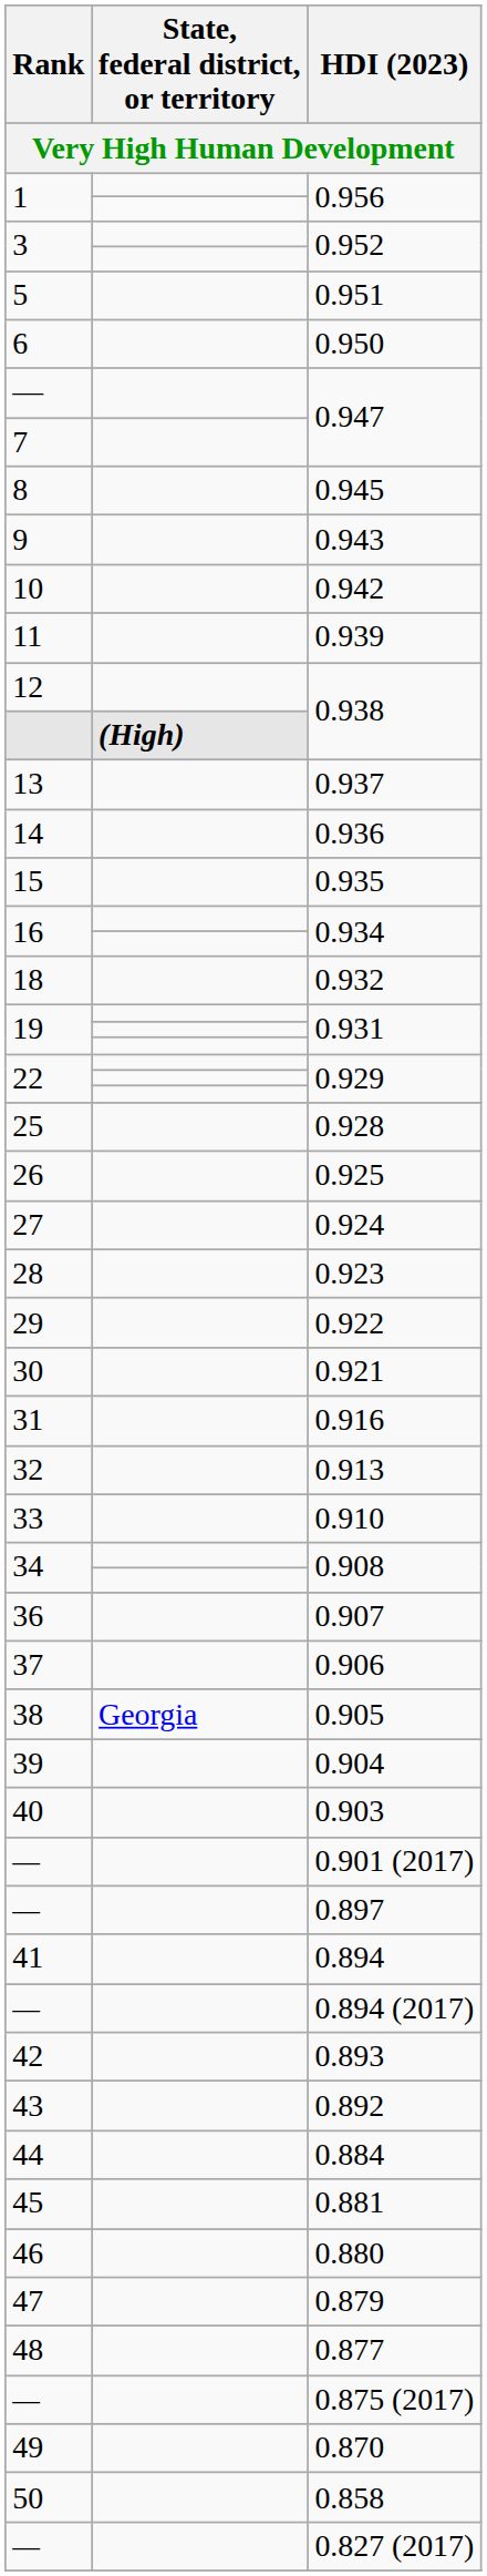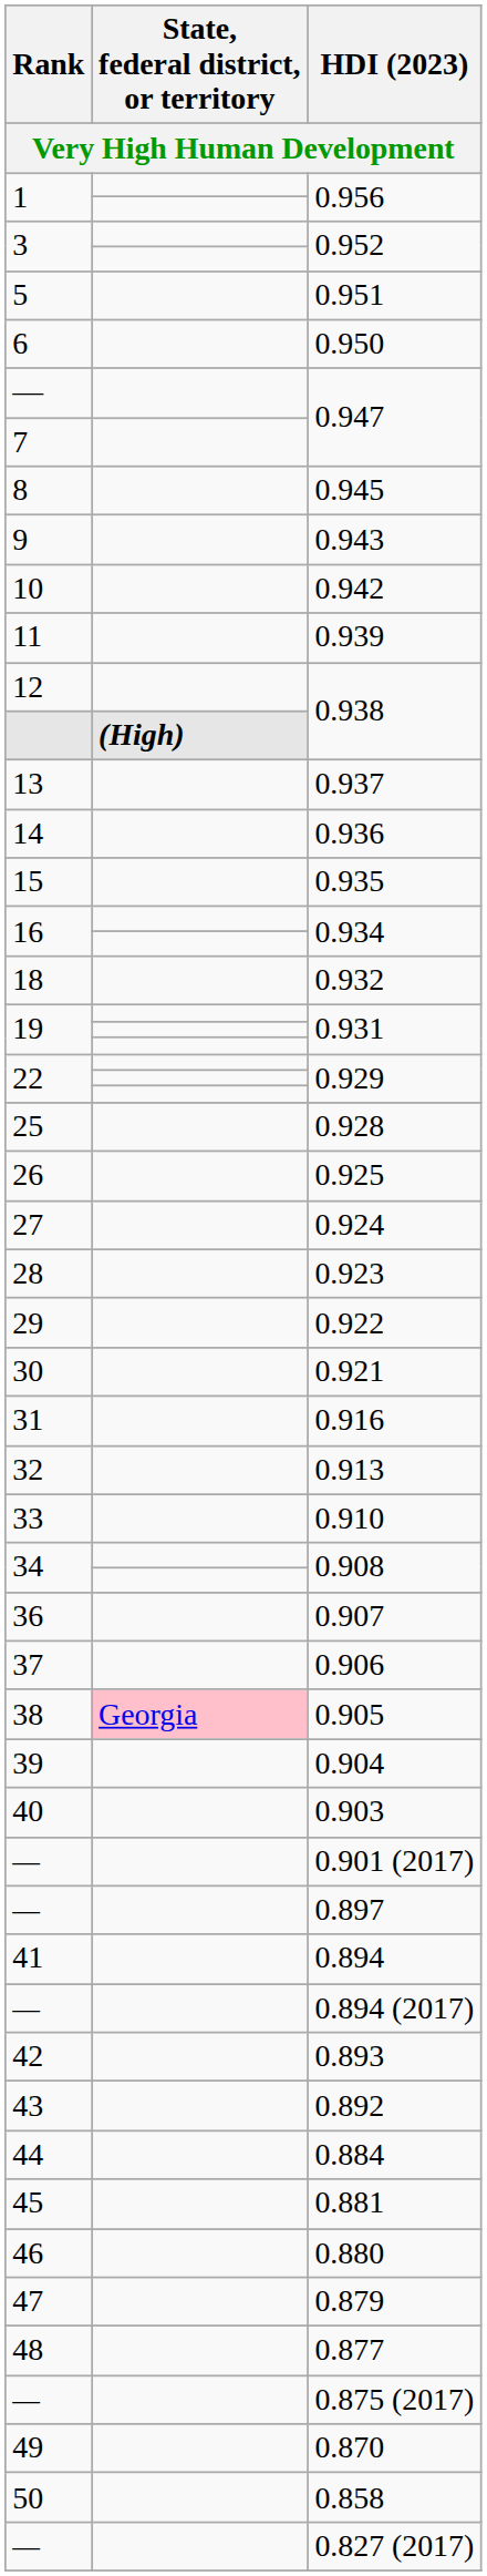 <table class="wikitable sortable">
 <tr>
 <th>Rank</th>
 <th>State,<br>federal district,<br> or territory</th>
 <th>HDI (2023)<br></th>
 </tr>
 <tr>
 <th colspan="3" style="color:#090;">Very High Human Development</th>
 </tr>
 <tr>
 <td rowspan="2">1</td>
 <td></td>
 <td rowspan="2">0.956</td>
 </tr>
 <tr>
 <td></td>
 </tr>
 <tr>
 <td rowspan="2">3</td>
 <td></td>
 <td rowspan="2">0.952</td>
 </tr>
 <tr>
 <td></td>
 </tr>
 <tr>
 <td>5</td>
 <td></td>
 <td>0.951</td>
 </tr>
 <tr>
 <td>6</td>
 <td></td>
 <td>0.950</td>
 </tr>
 <tr>
 <td>—</td>
 <td><em></em></td>
 <td rowspan="2">0.947</td>
 </tr>
 <tr>
 <td>7</td>
 <td></td>
 </tr>
 <tr>
 <td>8</td>
 <td></td>
 <td>0.945</td>
 </tr>
 <tr>
 <td>9</td>
 <td></td>
 <td>0.943</td>
 </tr>
 <tr>
 <td>10</td>
 <td></td>
 <td>0.942</td>
 </tr>
 <tr>
 <td>11</td>
 <td></td>
 <td>0.939</td>
 </tr>
 <tr>
 <td>12</td>
 <td></td>
 <td rowspan="2">0.938</td>
 </tr>
 <tr style="background:#e6e6e6">
 <td></td>
 <td><strong><em></em></strong> <strong><em>(High)</em></strong></td>
 </tr>
 <tr>
 <td>13</td>
 <td></td>
 <td>0.937</td>
 </tr>
 <tr>
 <td>14</td>
 <td></td>
 <td>0.936</td>
 </tr>
 <tr>
 <td>15</td>
 <td></td>
 <td>0.935</td>
 </tr>
 <tr>
 <td rowspan="2">16</td>
 <td></td>
 <td rowspan="2">0.934</td>
 </tr>
 <tr>
 <td></td>
 </tr>
 <tr>
 <td>18</td>
 <td></td>
 <td>0.932</td>
 </tr>
 <tr>
 <td rowspan="3">19</td>
 <td></td>
 <td rowspan="3">0.931</td>
 </tr>
 <tr>
 <td></td>
 </tr>
 <tr>
 <td></td>
 </tr>
 <tr>
 <td rowspan="3">22</td>
 <td></td>
 <td rowspan="3">0.929</td>
 </tr>
 <tr>
 <td></td>
 </tr>
 <tr>
 <td></td>
 </tr>
 <tr>
 <td>25</td>
 <td></td>
 <td>0.928</td>
 </tr>
 <tr>
 <td>26</td>
 <td></td>
 <td>0.925</td>
 </tr>
 <tr>
 <td>27</td>
 <td></td>
 <td>0.924</td>
 </tr>
 <tr>
 <td>28</td>
 <td></td>
 <td>0.923</td>
 </tr>
 <tr>
 <td>29</td>
 <td></td>
 <td>0.922</td>
 </tr>
 <tr>
 <td>30</td>
 <td></td>
 <td>0.921</td>
 </tr>
 <tr>
 <td>31</td>
 <td></td>
 <td>0.916</td>
 </tr>
 <tr>
 <td>32</td>
 <td></td>
 <td>0.913</td>
 </tr>
 <tr>
 <td>33</td>
 <td></td>
 <td>0.910</td>
 </tr>
 <tr>
 <td rowspan="2">34</td>
 <td></td>
 <td rowspan="2">0.908</td>
 </tr>
 <tr>
 <td></td>
 </tr>
 <tr>
 <td>36</td>
 <td></td>
 <td>0.907</td>
 </tr>
 <tr>
 <td>37</td>
 <td></td>
 <td>0.906</td>
 </tr>
 <tr>
 <td>38</td>
-<td> <a href='#'>Georgia</a></td>
+<td style="background: pink;"> <a href='#'>Georgia</a></td>
 <td>0.905</td>
 </tr>
 <tr>
 <td>39</td>
 <td></td>
 <td>0.904</td>
 </tr>
 <tr>
 <td>40</td>
 <td></td>
 <td>0.903</td>
 </tr>
 <tr>
 <td><em>—</em></td>
 <td><em></em></td>
 <td>0.901 (2017)</td>
 </tr>
 <tr>
 <td><em>—</em></td>
 <td><em></em></td>
 <td>0.897</td>
 </tr>
 <tr>
 <td>41</td>
 <td></td>
 <td>0.894</td>
 </tr>
 <tr>
 <td><em>—</em></td>
 <td><em></em></td>
 <td>0.894 (2017)</td>
 </tr>
 <tr>
 <td>42</td>
 <td></td>
 <td>0.893</td>
 </tr>
 <tr>
 <td>43</td>
 <td></td>
 <td>0.892</td>
 </tr>
 <tr>
 <td>44</td>
 <td></td>
 <td>0.884</td>
 </tr>
 <tr>
 <td>45</td>
 <td></td>
 <td>0.881</td>
 </tr>
 <tr>
 <td>46</td>
 <td></td>
 <td>0.880</td>
 </tr>
 <tr>
 <td>47</td>
 <td></td>
 <td>0.879</td>
 </tr>
 <tr>
 <td>48</td>
 <td></td>
 <td>0.877</td>
 </tr>
 <tr>
 <td><em>—</em></td>
 <td><em></em></td>
 <td>0.875 (2017)</td>
 </tr>
 <tr>
 <td>49</td>
 <td></td>
 <td>0.870</td>
 </tr>
 <tr>
 <td>50</td>
 <td></td>
 <td>0.858</td>
 </tr>
 <tr>
 <td><em>—</em></td>
 <td><em></em></td>
 <td>0.827 (2017)</td>
 </tr>
 </table>
